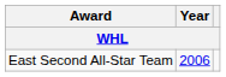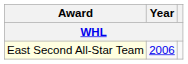 <table class="wikitable">
 <tr>
 <th>Award</th>
 <th>Year</th>
 <th></th>
 </tr>
 <tr>
 <th colspan="3"><a href='#'>WHL</a></th>
 </tr>
 <tr>
-<td>East Second All-Star Team</td>
+<td style="background: lightyellow;">East Second All-Star Team</td>
 <td><a href='#'>2006</a></td>
 <td></td>
 </tr>
 </table>
